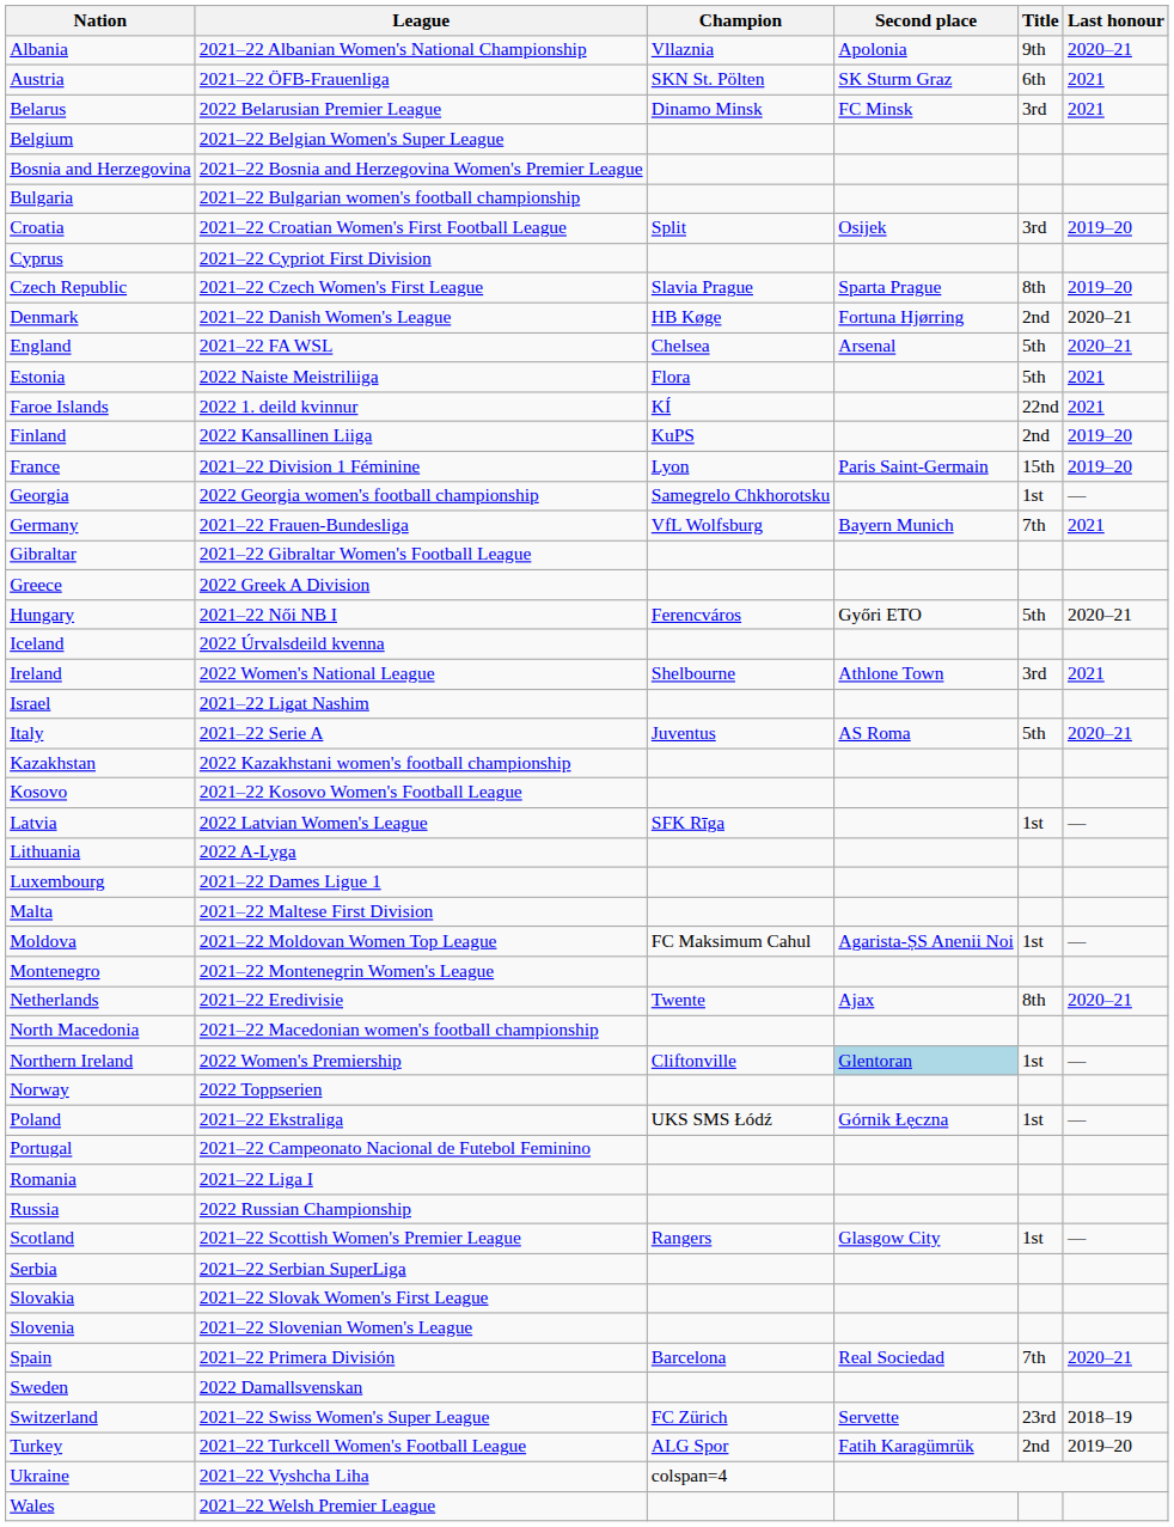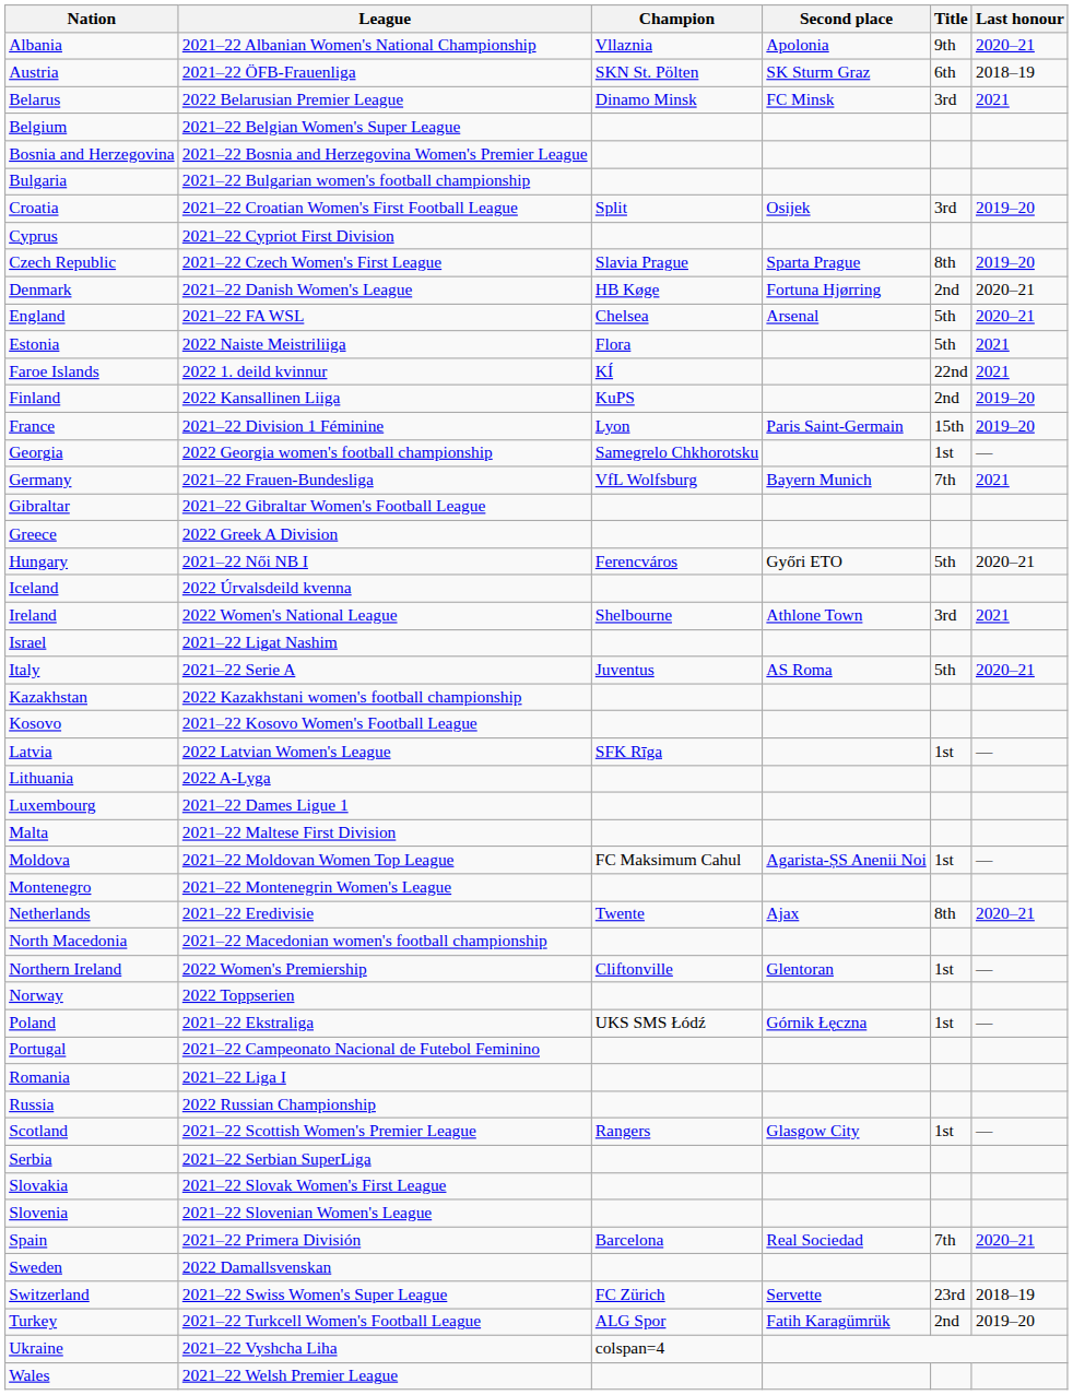 <table class=wikitable style="font-size:14px">
 <tr>
 <th>Nation</th>
 <th>League</th>
 <th>Champion</th>
 <th>Second place</th>
 <th data-sort-type="number">Title</th>
 <th>Last honour</th>
 </tr>
 <tr>
 <td align=left> <a href='#'>Albania</a></td>
 <td align=left><a href='#'>2021–22 Albanian Women's National Championship</a></td>
 <td align=left><a href='#'>Vllaznia</a></td>
 <td align=left><a href='#'>Apolonia</a></td>
 <td align=left>9th</td>
 <td align=left><a href='#'>2020–21</a></td>
 </tr>
 <tr>
 <td align=left> <a href='#'>Austria</a></td>
 <td align=left><a href='#'>2021–22 ÖFB-Frauenliga</a></td>
 <td><a href='#'>SKN St. Pölten</a></td>
 <td><a href='#'>SK Sturm Graz</a></td>
 <td>6th</td>
-<td><a href='#'>2021</a></td>
+<td>2018–19</td>
 </tr>
 <tr>
 <td align=left> <a href='#'>Belarus</a></td>
 <td align=left><a href='#'>2022 Belarusian Premier League</a></td>
 <td><a href='#'>Dinamo Minsk</a></td>
 <td><a href='#'>FC Minsk</a></td>
 <td>3rd</td>
 <td><a href='#'>2021</a></td>
 </tr>
 <tr>
 <td align=left> <a href='#'>Belgium</a></td>
 <td align=left><a href='#'>2021–22 Belgian Women's Super League</a></td>
 <td></td>
 <td></td>
 <td></td>
 <td></td>
 </tr>
 <tr>
 <td align=left> <a href='#'>Bosnia and Herzegovina</a></td>
 <td align=left><a href='#'>2021–22 Bosnia and Herzegovina Women's Premier League</a></td>
 <td></td>
 <td></td>
 <td></td>
 <td></td>
 </tr>
 <tr>
 <td align=left> <a href='#'>Bulgaria</a></td>
 <td align=left><a href='#'>2021–22 Bulgarian women's football championship</a></td>
 <td></td>
 <td></td>
 <td></td>
 <td></td>
 </tr>
 <tr>
 <td align=left> <a href='#'>Croatia</a></td>
 <td align=left><a href='#'>2021–22 Croatian Women's First Football League</a></td>
 <td><a href='#'>Split</a></td>
 <td><a href='#'>Osijek</a></td>
 <td>3rd</td>
 <td><a href='#'>2019–20</a></td>
 </tr>
 <tr>
 <td align=left> <a href='#'>Cyprus</a></td>
 <td align=left><a href='#'>2021–22 Cypriot First Division</a></td>
 <td></td>
 <td></td>
 <td></td>
 <td></td>
 </tr>
 <tr>
 <td align=left> <a href='#'>Czech Republic</a></td>
 <td align=left><a href='#'>2021–22 Czech Women's First League</a></td>
 <td><a href='#'>Slavia Prague</a></td>
 <td><a href='#'>Sparta Prague</a></td>
 <td>8th</td>
 <td><a href='#'>2019–20</a></td>
 </tr>
 <tr>
 <td align=left> <a href='#'>Denmark</a></td>
 <td align=left><a href='#'>2021–22 Danish Women's League</a></td>
 <td><a href='#'>HB Køge</a></td>
 <td><a href='#'>Fortuna Hjørring</a></td>
 <td>2nd</td>
 <td>2020–21</td>
 </tr>
 <tr>
 <td align=left> <a href='#'>England</a></td>
 <td align=left><a href='#'>2021–22 FA WSL</a></td>
 <td><a href='#'>Chelsea</a></td>
 <td><a href='#'>Arsenal</a></td>
 <td>5th</td>
 <td><a href='#'>2020–21</a></td>
 </tr>
 <tr>
 <td align=left> <a href='#'>Estonia</a></td>
 <td align=left><a href='#'>2022 Naiste Meistriliiga</a></td>
 <td><a href='#'>Flora</a></td>
 <td></td>
 <td>5th</td>
 <td><a href='#'>2021</a></td>
 </tr>
 <tr>
 <td align=left> <a href='#'>Faroe Islands</a></td>
 <td align=left><a href='#'>2022 1. deild kvinnur</a></td>
 <td><a href='#'>KÍ</a></td>
 <td></td>
 <td>22nd</td>
 <td><a href='#'>2021</a></td>
 </tr>
 <tr>
 <td align=left> <a href='#'>Finland</a></td>
 <td align=left><a href='#'>2022 Kansallinen Liiga</a></td>
 <td><a href='#'>KuPS</a></td>
 <td></td>
 <td>2nd</td>
 <td><a href='#'>2019–20</a></td>
 </tr>
 <tr>
 <td align=left> <a href='#'>France</a></td>
 <td align=left><a href='#'>2021–22 Division 1 Féminine</a></td>
 <td><a href='#'>Lyon</a></td>
 <td><a href='#'>Paris Saint-Germain</a></td>
 <td>15th</td>
 <td><a href='#'>2019–20</a></td>
 </tr>
 <tr>
 <td align=left> <a href='#'>Georgia</a></td>
 <td align=left><a href='#'>2022 Georgia women's football championship</a></td>
 <td><a href='#'>Samegrelo Chkhorotsku</a></td>
 <td></td>
 <td>1st</td>
 <td>—</td>
 </tr>
 <tr>
 <td align=left> <a href='#'>Germany</a></td>
 <td align=left><a href='#'>2021–22 Frauen-Bundesliga</a></td>
 <td><a href='#'>VfL Wolfsburg</a></td>
 <td><a href='#'>Bayern Munich</a></td>
 <td>7th</td>
 <td><a href='#'>2021</a></td>
 </tr>
 <tr>
 <td align=left> <a href='#'>Gibraltar</a></td>
 <td align=left><a href='#'>2021–22 Gibraltar Women's Football League</a></td>
 <td></td>
 <td></td>
 <td></td>
 <td></td>
 </tr>
 <tr>
 <td align=left> <a href='#'>Greece</a></td>
 <td align=left><a href='#'>2022 Greek A Division</a></td>
 <td></td>
 <td></td>
 <td></td>
 <td></td>
 </tr>
 <tr>
 <td align=left> <a href='#'>Hungary</a></td>
 <td align=left><a href='#'>2021–22 Női NB I</a></td>
 <td><a href='#'>Ferencváros</a></td>
 <td>Győri ETO</td>
 <td>5th</td>
 <td>2020–21</td>
 </tr>
 <tr>
 <td align=left> <a href='#'>Iceland</a></td>
 <td align=left><a href='#'>2022 Úrvalsdeild kvenna</a></td>
 <td></td>
 <td></td>
 <td></td>
 <td></td>
 </tr>
 <tr>
 <td align=left> <a href='#'>Ireland</a></td>
 <td align=left><a href='#'>2022 Women's National League</a></td>
 <td><a href='#'>Shelbourne</a></td>
 <td><a href='#'>Athlone Town</a></td>
 <td>3rd</td>
 <td><a href='#'>2021</a></td>
 </tr>
 <tr>
 <td align=left> <a href='#'>Israel</a></td>
 <td align=left><a href='#'>2021–22 Ligat Nashim</a></td>
 <td></td>
 <td></td>
 <td></td>
 <td></td>
 </tr>
 <tr>
 <td align=left> <a href='#'>Italy</a></td>
 <td align=left><a href='#'>2021–22 Serie A</a></td>
 <td><a href='#'>Juventus</a></td>
 <td><a href='#'>AS Roma</a></td>
 <td>5th</td>
 <td><a href='#'>2020–21</a></td>
 </tr>
 <tr>
 <td align=left> <a href='#'>Kazakhstan</a></td>
 <td align=left><a href='#'>2022 Kazakhstani women's football championship</a></td>
 <td></td>
 <td></td>
 <td></td>
 <td></td>
 </tr>
 <tr>
 <td align=left> <a href='#'>Kosovo</a></td>
 <td align=left><a href='#'>2021–22 Kosovo Women's Football League</a></td>
 <td></td>
 <td></td>
 <td></td>
 <td></td>
 </tr>
 <tr>
 <td align=left> <a href='#'>Latvia</a></td>
 <td align=left><a href='#'>2022 Latvian Women's League</a></td>
 <td><a href='#'>SFK Rīga</a></td>
 <td></td>
 <td>1st</td>
 <td>—</td>
 </tr>
 <tr>
 <td align=left> <a href='#'>Lithuania</a></td>
 <td align=left><a href='#'>2022 A-Lyga</a></td>
 <td></td>
 <td></td>
 <td></td>
 <td></td>
 </tr>
 <tr>
 <td align=left> <a href='#'>Luxembourg</a></td>
 <td align=left><a href='#'>2021–22 Dames Ligue 1</a></td>
 <td></td>
 <td></td>
 <td></td>
 <td></td>
 </tr>
 <tr>
 <td align=left> <a href='#'>Malta</a></td>
 <td align=left><a href='#'>2021–22 Maltese First Division</a></td>
 <td></td>
 <td></td>
 <td></td>
 <td></td>
 </tr>
 <tr>
 <td align=left> <a href='#'>Moldova</a></td>
 <td align=left><a href='#'>2021–22 Moldovan Women Top League</a></td>
 <td>FC Maksimum Cahul</td>
 <td><a href='#'>Agarista-ȘS Anenii Noi</a></td>
 <td>1st</td>
 <td>—</td>
 </tr>
 <tr>
 <td align=left> <a href='#'>Montenegro</a></td>
 <td align=left><a href='#'>2021–22 Montenegrin Women's League</a></td>
 <td></td>
 <td></td>
 <td></td>
 <td></td>
 </tr>
 <tr>
 <td align=left> <a href='#'>Netherlands</a></td>
 <td align=left><a href='#'>2021–22 Eredivisie</a></td>
 <td align=left><a href='#'>Twente</a></td>
 <td align=left><a href='#'>Ajax</a></td>
 <td align=left>8th</td>
 <td align=left><a href='#'>2020–21</a></td>
 </tr>
 <tr>
 <td align=left> <a href='#'>North Macedonia</a></td>
 <td align=left><a href='#'>2021–22 Macedonian women's football championship</a></td>
 <td></td>
 <td></td>
 <td></td>
 <td></td>
 </tr>
 <tr>
 <td align=left> <a href='#'>Northern Ireland</a></td>
 <td align=left><a href='#'>2022 Women's Premiership</a></td>
 <td><a href='#'>Cliftonville</a></td>
-<td style="background: lightblue;"><a href='#'>Glentoran</a></td>
+<td><a href='#'>Glentoran</a></td>
 <td>1st</td>
 <td>—</td>
 </tr>
 <tr>
 <td align=left> <a href='#'>Norway</a></td>
 <td align=left><a href='#'>2022 Toppserien</a></td>
 <td></td>
 <td></td>
 <td></td>
 <td></td>
 </tr>
 <tr>
 <td align=left> <a href='#'>Poland</a></td>
 <td align=left><a href='#'>2021–22 Ekstraliga</a></td>
 <td>UKS SMS Łódź</td>
 <td><a href='#'>Górnik Łęczna</a></td>
 <td>1st</td>
 <td>—</td>
 </tr>
 <tr>
 <td align=left> <a href='#'>Portugal</a></td>
 <td align=left><a href='#'>2021–22 Campeonato Nacional de Futebol Feminino</a></td>
 <td></td>
 <td></td>
 <td></td>
 <td></td>
 </tr>
 <tr>
 <td align=left> <a href='#'>Romania</a></td>
 <td align=left><a href='#'>2021–22 Liga I</a></td>
 <td></td>
 <td></td>
 <td></td>
 <td></td>
 </tr>
 <tr>
 <td align=left> <a href='#'>Russia</a></td>
 <td align=left><a href='#'>2022 Russian Championship</a></td>
 <td></td>
 <td></td>
 <td></td>
 <td></td>
 </tr>
 <tr>
 <td align=left> <a href='#'>Scotland</a></td>
 <td align=left><a href='#'>2021–22 Scottish Women's Premier League</a></td>
 <td><a href='#'>Rangers</a></td>
 <td><a href='#'>Glasgow City</a></td>
 <td>1st</td>
 <td>—</td>
 </tr>
 <tr>
 <td align=left> <a href='#'>Serbia</a></td>
 <td align=left><a href='#'>2021–22 Serbian SuperLiga</a></td>
 <td></td>
 <td></td>
 <td></td>
 <td></td>
 </tr>
 <tr>
 <td align=left> <a href='#'>Slovakia</a></td>
 <td align=left><a href='#'>2021–22 Slovak Women's First League</a></td>
 <td></td>
 <td></td>
 <td></td>
 <td></td>
 </tr>
 <tr>
 <td align=left> <a href='#'>Slovenia</a></td>
 <td align=left><a href='#'>2021–22 Slovenian Women's League</a></td>
 <td></td>
 <td></td>
 <td></td>
 <td></td>
 </tr>
 <tr>
 <td align=left> <a href='#'>Spain</a></td>
 <td align=left><a href='#'>2021–22 Primera División</a></td>
 <td><a href='#'>Barcelona</a></td>
 <td><a href='#'>Real Sociedad</a></td>
 <td>7th</td>
 <td><a href='#'>2020–21</a></td>
 </tr>
 <tr>
 <td align=left> <a href='#'>Sweden</a></td>
 <td align=left><a href='#'>2022 Damallsvenskan</a></td>
 <td></td>
 <td></td>
 <td></td>
 <td></td>
 </tr>
 <tr>
 <td align=left> <a href='#'>Switzerland</a></td>
 <td align=left><a href='#'>2021–22 Swiss Women's Super League</a></td>
 <td><a href='#'>FC Zürich</a></td>
 <td><a href='#'>Servette</a></td>
 <td>23rd</td>
 <td>2018–19</td>
 </tr>
 <tr>
 <td align=left> <a href='#'>Turkey</a></td>
 <td align=left><a href='#'>2021–22 Turkcell Women's Football League</a></td>
 <td><a href='#'>ALG Spor</a></td>
 <td><a href='#'>Fatih Karagümrük</a></td>
 <td>2nd</td>
 <td>2019–20</td>
 </tr>
 <tr>
 <td align=left> <a href='#'>Ukraine</a></td>
 <td align=left><a href='#'>2021–22 Vyshcha Liha</a></td>
 <td>colspan=4 </td>
 </tr>
 <tr>
 <td align=left> <a href='#'>Wales</a></td>
 <td align=left><a href='#'>2021–22 Welsh Premier League</a></td>
 <td></td>
 <td></td>
 <td></td>
 <td></td>
 </tr>
 </table>
